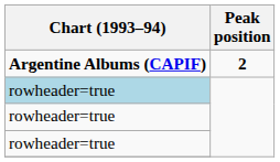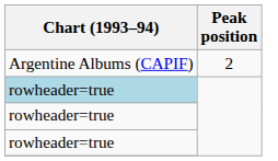 <table class="wikitable sortable">
 <tr>
 <th align="left">Chart (1993–94)</th>
 <th align="left">Peak<br>position</th>
 </tr>
 <tr>
-<td rowheader=true><strong>Argentine Albums (<a href='#'>CAPIF</a>)</strong></td>
-<td align="center"><strong>2</strong></td>
+<td rowheader=true>Argentine Albums (<a href='#'>CAPIF</a>)</td>
+<td align="center">2</td>
 </tr>
 <tr>
 <td style="background: lightblue;">rowheader=true</td>
 </tr>
 <tr>
 <td>rowheader=true</td>
 </tr>
 <tr>
 <td>rowheader=true</td>
 </tr>
 <tr>
 </tr>
 </table>
